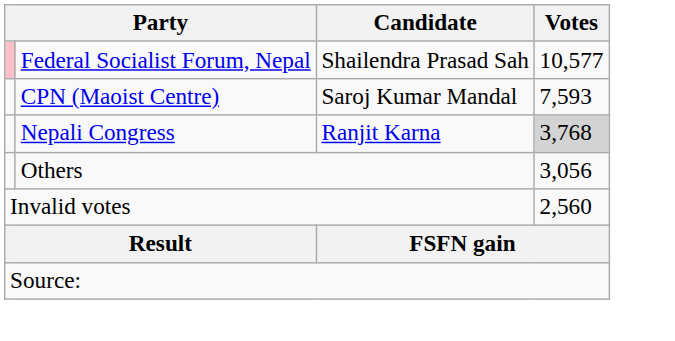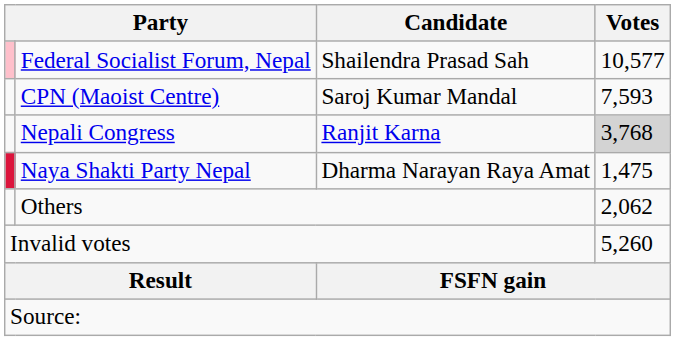 <table class="wikitable">
 <tr>
 <th colspan="2">Party</th>
 <th>Candidate</th>
 <th>Votes</th>
 </tr>
 <tr>
 <td style="background-color:pink"></td>
 <td><a href='#'>Federal Socialist Forum, Nepal</a></td>
 <td>Shailendra Prasad Sah</td>
 <td>10,577</td>
 </tr>
 <tr>
 <td style="background-color:"></td>
 <td><a href='#'>CPN (Maoist Centre)</a></td>
 <td>Saroj Kumar Mandal</td>
 <td>7,593</td>
 </tr>
 <tr>
 <td style="background-color:"></td>
 <td><a href='#'>Nepali Congress</a></td>
 <td><a href='#'>Ranjit Karna</a></td>
 <td style="background: lightgrey;">3,768</td>
 </tr>
 <tr>
+<td style="background-color:crimson"></td>
+<td><a href='#'>Naya Shakti Party Nepal</a></td>
+<td>Dharma Narayan Raya Amat</td>
+<td>1,475</td>
+</tr>
+<tr>
 <td></td>
 <td colspan="2">Others</td>
-<td>3,056</td>
+<td>2,062</td>
 </tr>
 <tr>
 <td colspan="3">Invalid votes</td>
-<td>2,560</td>
+<td>5,260</td>
 </tr>
 <tr>
 <th colspan="2">Result</th>
 <th colspan="2">FSFN gain</th>
 </tr>
 <tr>
 <td colspan="4">Source: </td>
 </tr>
 </table>
